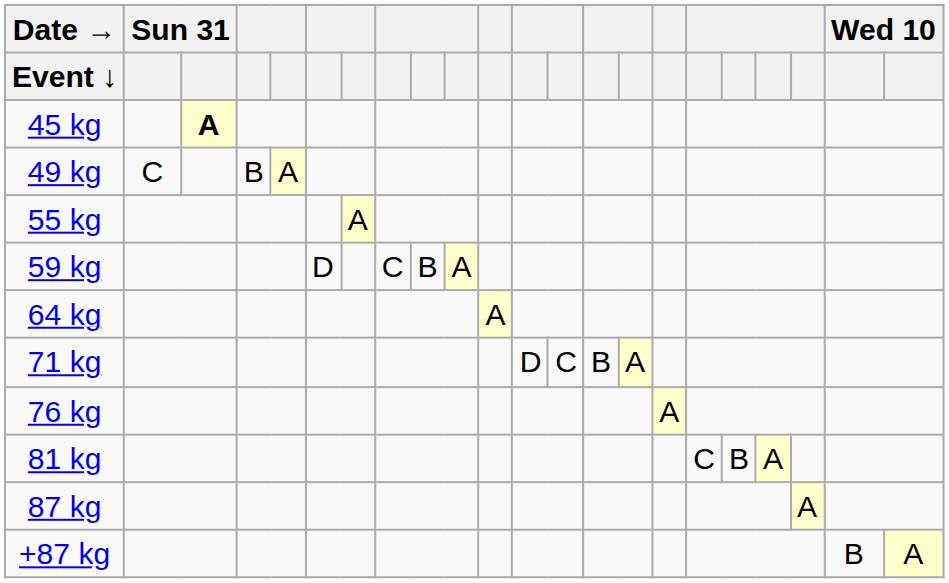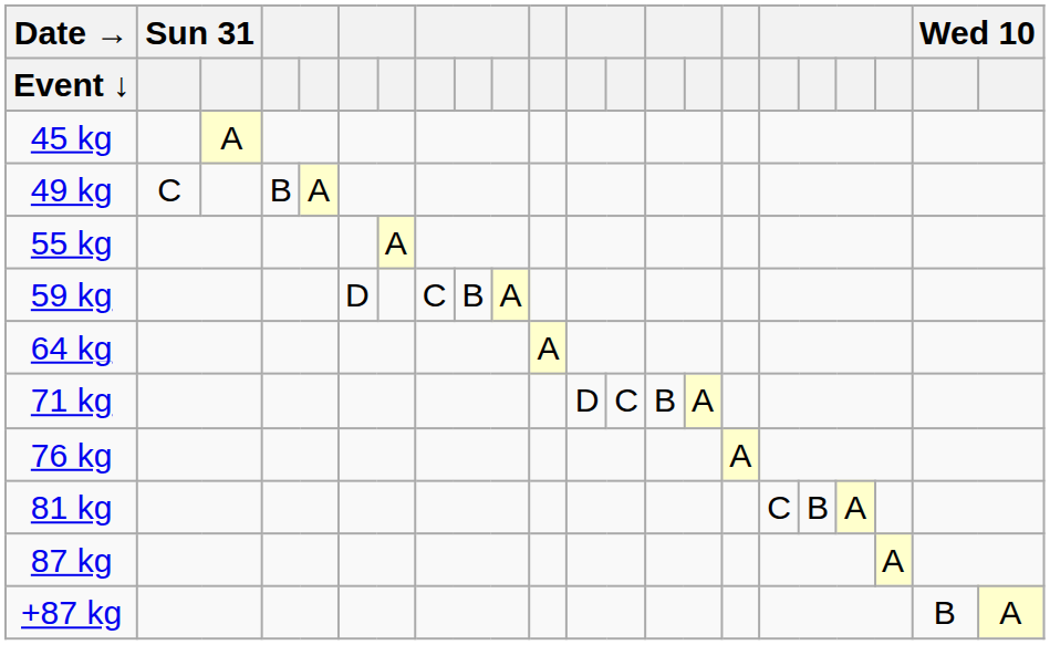 <table class="wikitable" style="text-align:center; font-size:95%">
 <tr>
 <th>Date →</th>
 <th colspan=2>Sun 31</th>
 <th colspan=2></th>
 <th colspan=2></th>
 <th colspan=3></th>
 <th></th>
 <th colspan=2></th>
 <th colspan=2></th>
 <th></th>
 <th colspan=4></th>
 <th colspan=2>Wed 10</th>
 </tr>
 <tr>
 <th>Event ↓</th>
 <th></th>
 <th></th>
 <th></th>
 <th></th>
 <th></th>
 <th></th>
 <th></th>
 <th></th>
 <th></th>
 <th></th>
 <th></th>
 <th></th>
 <th></th>
 <th></th>
 <th></th>
 <th></th>
 <th></th>
 <th></th>
 <th></th>
 <th></th>
 <th></th>
 </tr>
 <tr>
 <td><a href='#'>45 kg</a></td>
 <td></td>
-<td style="background-color:#ffffcc;"><strong>A</strong></td>
+<td style="background-color:#ffffcc;">A</td>
 <td colspan=2></td>
 <td colspan=2></td>
 <td colspan=3></td>
 <td></td>
 <td colspan=2></td>
 <td colspan=2></td>
 <td></td>
 <td colspan=4></td>
 <td colspan=2></td>
 </tr>
 <tr>
 <td><a href='#'>49 kg</a></td>
 <td>C</td>
 <td></td>
 <td>B</td>
 <td style="background-color:#ffffcc;">A</td>
 <td colspan=2></td>
 <td colspan=3></td>
 <td></td>
 <td colspan=2></td>
 <td colspan=2></td>
 <td></td>
 <td colspan=4></td>
 <td colspan=2></td>
 </tr>
 <tr>
 <td><a href='#'>55 kg</a></td>
 <td colspan=2></td>
 <td colspan=2></td>
 <td></td>
 <td style="background-color:#ffffcc;">A</td>
 <td colspan=3></td>
 <td></td>
 <td colspan=2></td>
 <td colspan=2></td>
 <td></td>
 <td colspan=4></td>
 <td colspan=2></td>
 </tr>
 <tr>
 <td><a href='#'>59 kg</a></td>
 <td colspan=2></td>
 <td colspan=2></td>
 <td>D</td>
 <td></td>
 <td>C</td>
 <td>B</td>
 <td style="background-color:#ffffcc;">A</td>
 <td></td>
 <td colspan=2></td>
 <td colspan=2></td>
 <td></td>
 <td colspan=4></td>
 <td colspan=2></td>
 </tr>
 <tr>
 <td><a href='#'>64 kg</a></td>
 <td colspan=2></td>
 <td colspan=2></td>
 <td colspan=2></td>
 <td colspan=3></td>
 <td style="background-color:#ffffcc;">A</td>
 <td colspan=2></td>
 <td colspan=2></td>
 <td></td>
 <td colspan=4></td>
 <td colspan=2></td>
 </tr>
 <tr>
 <td><a href='#'>71 kg</a></td>
 <td colspan=2></td>
 <td colspan=2></td>
 <td colspan=2></td>
 <td colspan=3></td>
 <td></td>
 <td>D</td>
 <td>C</td>
 <td>B</td>
 <td style="background-color:#ffffcc;">A</td>
 <td></td>
 <td colspan=4></td>
 <td colspan=2></td>
 </tr>
 <tr>
 <td><a href='#'>76 kg</a></td>
 <td colspan=2></td>
 <td colspan=2></td>
 <td colspan=2></td>
 <td colspan=3></td>
 <td></td>
 <td colspan=2></td>
 <td colspan=2></td>
 <td style="background-color:#ffffcc;">A</td>
 <td colspan=4></td>
 <td colspan=2></td>
 </tr>
 <tr>
 <td><a href='#'>81 kg</a></td>
 <td colspan=2></td>
 <td colspan=2></td>
 <td colspan=2></td>
 <td colspan=3></td>
 <td></td>
 <td colspan=2></td>
 <td colspan=2></td>
 <td></td>
 <td>C</td>
 <td>B</td>
 <td style="background-color:#ffffcc;">A</td>
 <td></td>
 <td colspan=2></td>
 </tr>
 <tr>
 <td><a href='#'>87 kg</a></td>
 <td colspan=2></td>
 <td colspan=2></td>
 <td colspan=2></td>
 <td colspan=3></td>
 <td></td>
 <td colspan=2></td>
 <td colspan=2></td>
 <td></td>
 <td colspan=3></td>
 <td style="background-color:#ffffcc;">A</td>
 <td colspan=2></td>
 </tr>
 <tr>
 <td><a href='#'>+87 kg</a></td>
 <td colspan=2></td>
 <td colspan=2></td>
 <td colspan=2></td>
 <td colspan=3></td>
 <td></td>
 <td colspan=2></td>
 <td colspan=2></td>
 <td></td>
 <td colspan=4></td>
 <td>B</td>
 <td style="background-color:#ffffcc;">A</td>
 </tr>
 </table>
